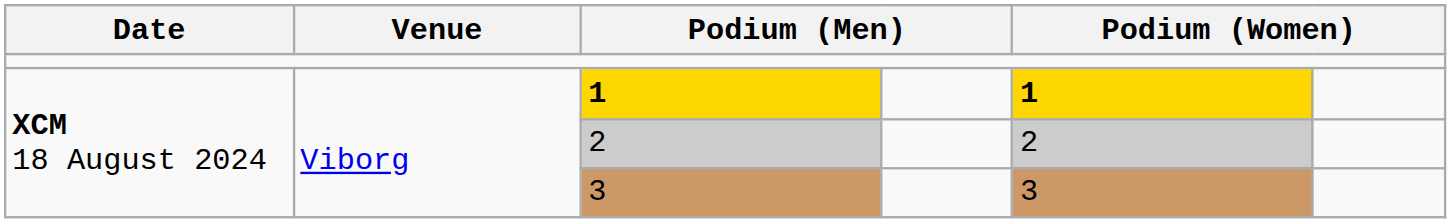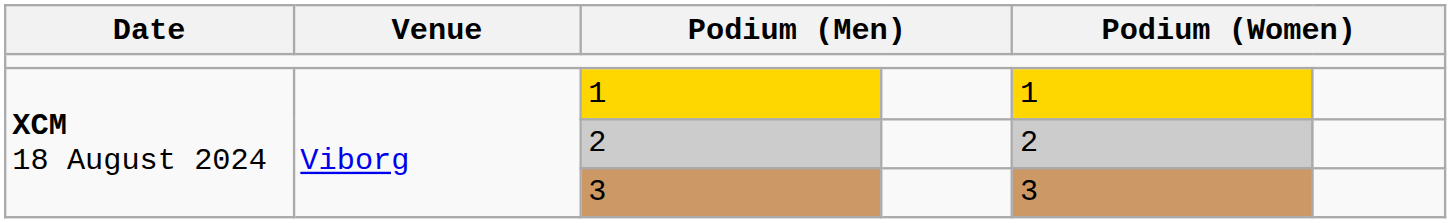 <table class="wikitable" width=70%>
 <tr>
 <th>Date</th>
 <th width=20%>Venue</th>
 <th colspan=2 width=30%>Podium (Men)</th>
 <th colspan=2 width=30%>Podium (Women)</th>
 </tr>
 <tr>
 <td colspan=6></td>
 </tr>
 <tr>
 <td rowspan=3><strong>XCM</strong> <br> 18 August 2024</td>
 <td rowspan=3><br><a href='#'>Viborg</a></td>
-<td bgcolor=FFD700><strong>1</strong></td>
+<td bgcolor=FFD700>1</td>
 <td></td>
-<td bgcolor=FFD700><strong>1</strong></td>
+<td bgcolor=FFD700>1</td>
 <td></td>
 </tr>
 <tr>
 <td bgcolor=CCCCCC>2</td>
 <td></td>
 <td bgcolor=CCCCCC>2</td>
 <td></td>
 </tr>
 <tr>
 <td bgcolor=CC9966>3</td>
 <td></td>
 <td bgcolor=CC9966>3</td>
 <td></td>
 </tr>
 </table>
